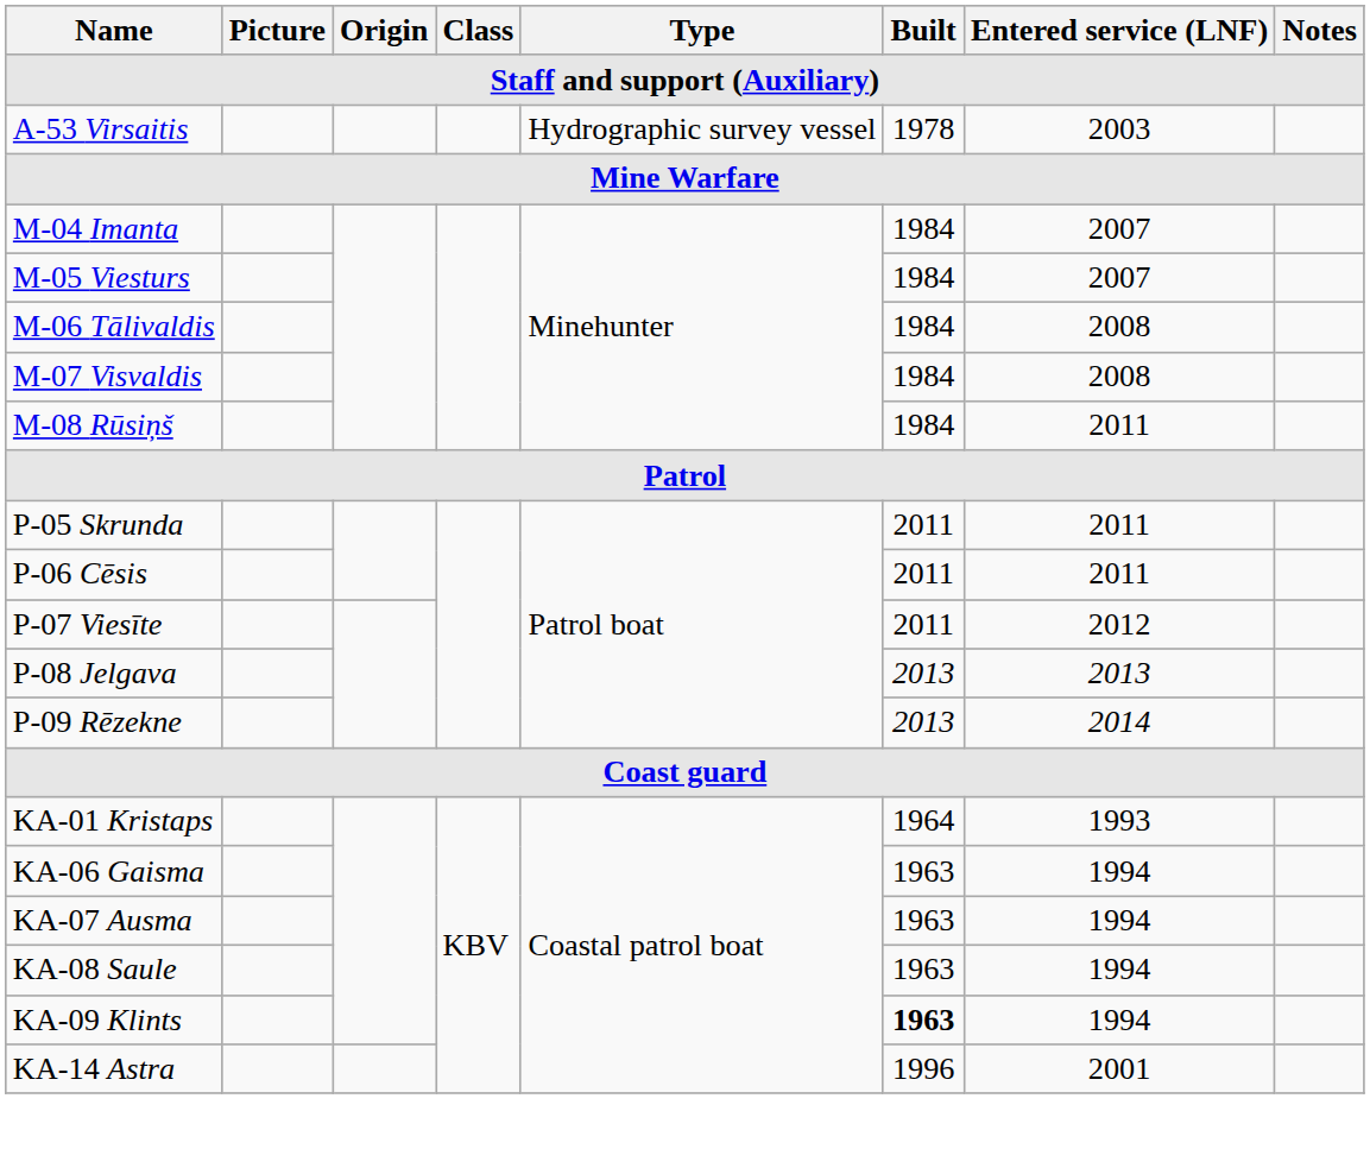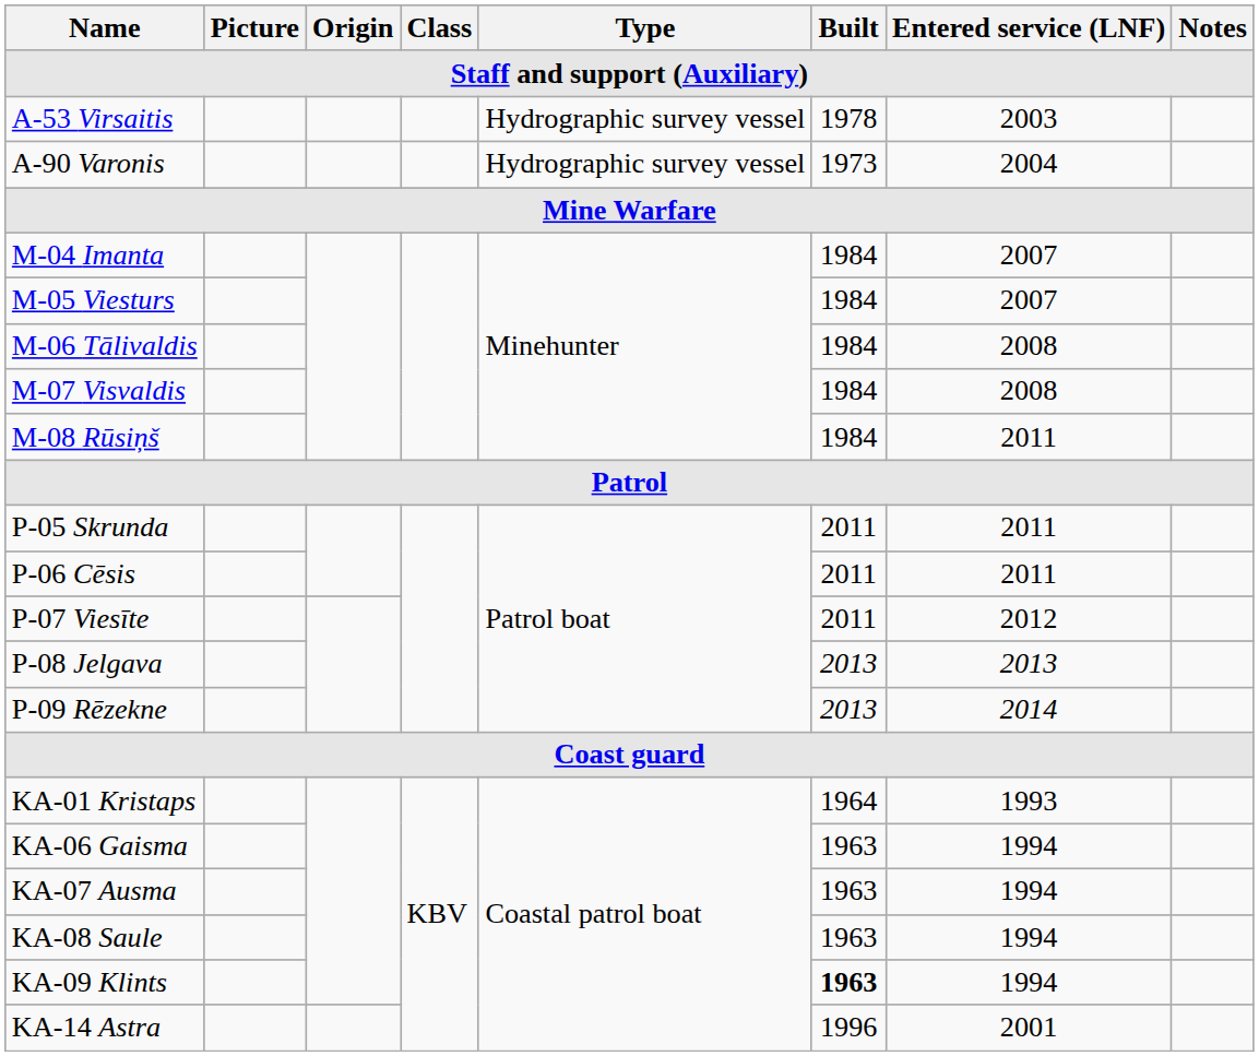 <table class="wikitable unsortable">
 <tr>
 <th>Name</th>
 <th>Picture</th>
 <th>Origin</th>
 <th>Class</th>
 <th>Type</th>
 <th>Built</th>
 <th>Entered service (LNF)</th>
 <th>Notes</th>
 </tr>
 <tr>
 <th style="align:center;background:#E6E6E6;" colspan="8"><a href='#'>Staff</a> and support (<a href='#'>Auxiliary</a>)</th>
 </tr>
 <tr>
 <td><a href='#'>A-53 <em>Virsaitis</em></a></td>
 <td></td>
 <td></td>
 <td></td>
 <td>Hydrographic survey vessel</td>
 <td align="center">1978</td>
 <td align="center">2003</td>
+<td></td>
+</tr>
+<tr>
+<td>A-90 <em>Varonis</em></td>
+<td></td>
+<td></td>
+<td></td>
+<td>Hydrographic survey vessel</td>
+<td align="center">1973</td>
+<td align="center">2004</td>
 <td></td>
 </tr>
 <tr>
 <th style="align:center;background:#E6E6E6;" colspan="8"><a href='#'>Mine Warfare</a></th>
 </tr>
 <tr>
 <td><a href='#'>M-04 <em>Imanta</em></a></td>
 <td></td>
 <td rowspan="5"></td>
 <td rowspan="5"></td>
 <td rowspan="5">Minehunter</td>
 <td align="center">1984</td>
 <td align="center">2007</td>
 <td></td>
 </tr>
 <tr>
 <td><a href='#'>M-05 <em>Viesturs</em></a></td>
 <td></td>
 <td align="center">1984</td>
 <td align="center">2007</td>
 <td></td>
 </tr>
 <tr>
 <td><a href='#'>M-06 <em>Tālivaldis</em></a></td>
 <td></td>
 <td align="center">1984</td>
 <td align="center">2008</td>
 <td></td>
 </tr>
 <tr>
 <td><a href='#'>M-07 <em>Visvaldis</em></a></td>
 <td></td>
 <td align="center">1984</td>
 <td align="center">2008</td>
 <td></td>
 </tr>
 <tr>
 <td><a href='#'>M-08 <em>Rūsiņš</em></a></td>
 <td></td>
 <td align="center">1984</td>
 <td align="center">2011</td>
 <td></td>
 </tr>
 <tr>
 <th style="align:center;background:#E6E6E6;" colspan="8"><a href='#'>Patrol</a></th>
 </tr>
 <tr>
 <td>P-05 <em>Skrunda</em></td>
 <td></td>
 <td rowspan="2"></td>
 <td rowspan="5"></td>
 <td rowspan="5">Patrol boat</td>
 <td align="center">2011</td>
 <td align="center">2011</td>
 <td></td>
 </tr>
 <tr>
 <td>P-06 <em>Cēsis</em></td>
 <td></td>
 <td align="center">2011</td>
 <td align="center">2011</td>
 <td></td>
 </tr>
 <tr>
 <td>P-07 <em>Viesīte</em></td>
 <td></td>
 <td rowspan="3"></td>
 <td align="center">2011</td>
 <td align="center">2012</td>
 <td></td>
 </tr>
 <tr>
 <td>P-08 <em>Jelgava</em></td>
 <td></td>
 <td align="center"><em>2013</em></td>
 <td align="center"><em>2013</em></td>
 <td></td>
 </tr>
 <tr>
 <td>P-09 <em>Rēzekne</em></td>
 <td></td>
 <td align="center"><em>2013</em></td>
 <td align="center"><em>2014</em></td>
 <td></td>
 </tr>
 <tr>
 <th style="align:center;background:#E6E6E6;" colspan="8"><a href='#'>Coast guard</a></th>
 </tr>
 <tr>
 <td>KA-01 <em>Kristaps</em></td>
 <td></td>
 <td rowspan="5"></td>
 <td rowspan="6">KBV</td>
 <td rowspan="6">Coastal patrol boat</td>
 <td align="center">1964</td>
 <td align="center">1993</td>
 <td></td>
 </tr>
 <tr>
 <td>KA-06 <em>Gaisma</em></td>
 <td></td>
 <td align="center">1963</td>
 <td align="center">1994</td>
 <td></td>
 </tr>
 <tr>
 <td>KA-07 <em>Ausma</em></td>
 <td></td>
 <td align="center">1963</td>
 <td align="center">1994</td>
 <td></td>
 </tr>
 <tr>
 <td>KA-08 <em>Saule</em></td>
 <td></td>
 <td align="center">1963</td>
 <td align="center">1994</td>
 <td></td>
 </tr>
 <tr>
 <td>KA-09 <em>Klints</em></td>
 <td></td>
 <td align="center"><strong>1963</strong></td>
 <td align="center">1994</td>
 <td></td>
 </tr>
 <tr>
 <td>KA-14 <em>Astra</em></td>
 <td></td>
 <td></td>
 <td align="center">1996</td>
 <td align="center">2001</td>
 <td></td>
 </tr>
 </table>
